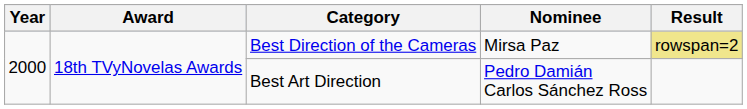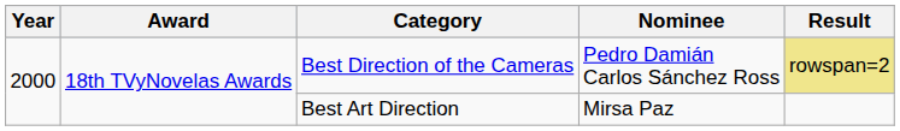 <table class="wikitable">
 <tr style="background:#b0c4de;">
 <th>Year</th>
 <th>Award</th>
 <th>Category</th>
 <th>Nominee</th>
 <th>Result</th>
 </tr>
 <tr>
 <td rowspan=2>2000</td>
 <td rowspan=2><a href='#'>18th TVyNovelas Awards</a></td>
 <td><a href='#'>Best Direction of the Cameras</a></td>
-<td>Mirsa Paz</td>
+<td><a href='#'>Pedro Damián</a><br>Carlos Sánchez Ross</td>
 <td style="background: khaki;">rowspan=2 </td>
 </tr>
 <tr>
 <td>Best Art Direction</td>
-<td><a href='#'>Pedro Damián</a><br>Carlos Sánchez Ross</td>
+<td>Mirsa Paz</td>
 </tr>
 </table>
